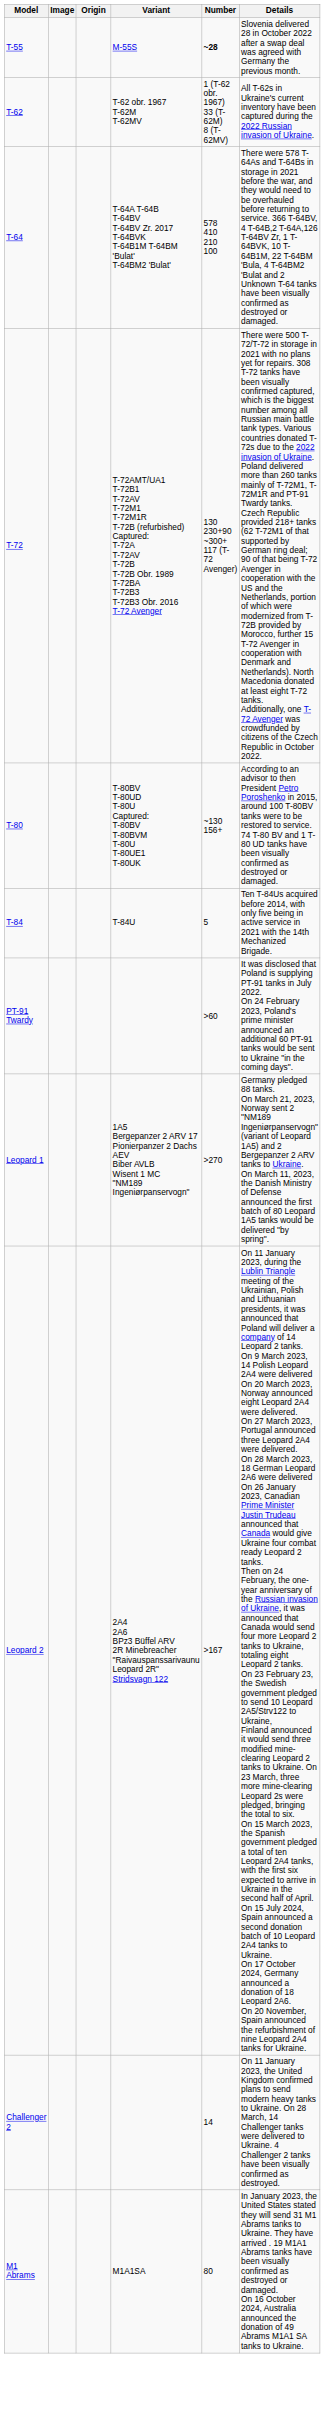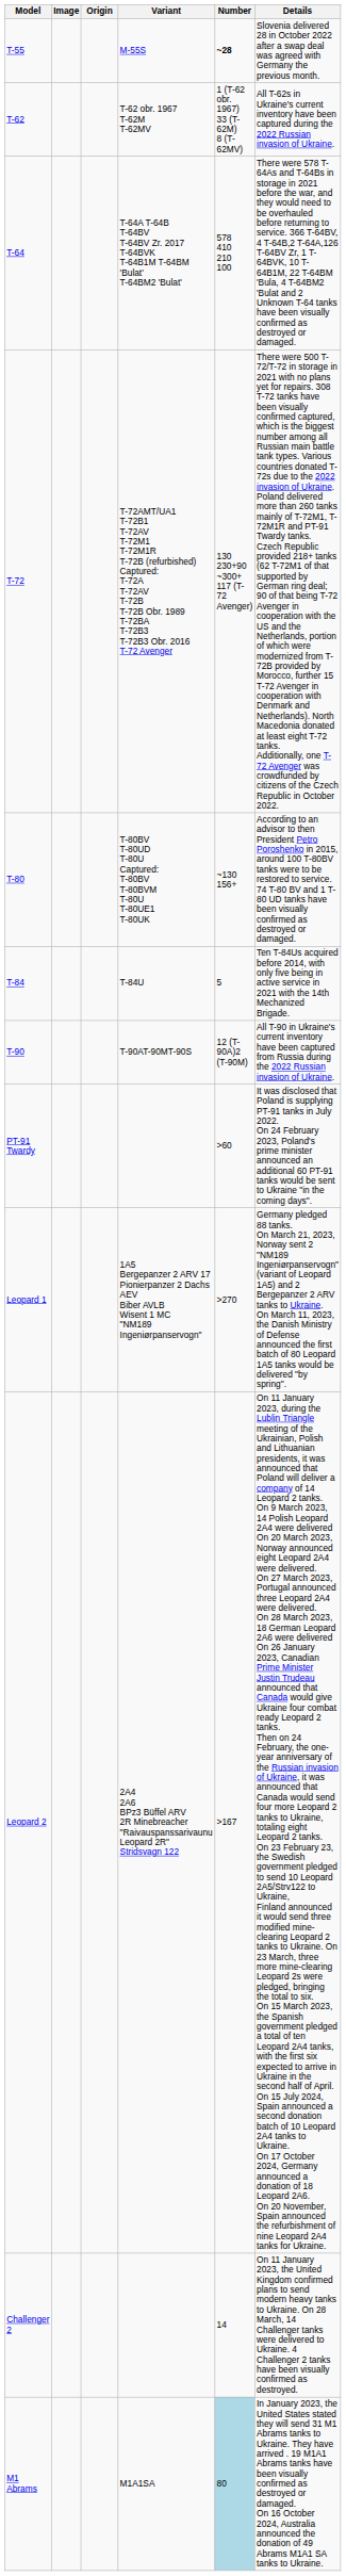 <table class="wikitable sortable">
 <tr>
 <th>Model</th>
 <th>Image</th>
 <th style="width:115px;">Origin</th>
 <th>Variant</th>
 <th>Number</th>
 <th>Details</th>
 </tr>
 <tr>
 <td><a href='#'>T-55</a></td>
 <td></td>
 <td><br></td>
 <td><a href='#'>M-55S</a></td>
 <td><strong>~28</strong></td>
 <td>Slovenia delivered 28 in October 2022 after a swap deal was agreed with Germany the previous month.</td>
 </tr>
 <tr>
 <td><a href='#'>T-62</a></td>
 <td></td>
 <td><br></td>
 <td>T-62 obr. 1967<br>T-62M<br>T-62MV</td>
 <td>1 (T-62 obr. 1967)<br>33 (T-62M)<br>8 (T-62MV)</td>
 <td>All T-62s in Ukraine's current inventory have been captured during the <a href='#'>2022 Russian invasion of Ukraine</a>.</td>
 </tr>
 <tr>
 <td><a href='#'>T-64</a></td>
 <td></td>
 <td><br></td>
 <td>T-64A T-64B<br>T-64BV<br>T-64BV Zr. 2017<br>T-64BVK<br>T-64B1M T-64BM 'Bulat'<br>T-64BM2 'Bulat'</td>
 <td>578<br>410<br>210<br>100</td>
 <td>There were 578 T-64As and T-64Bs in storage in 2021 before the war, and they would need to be overhauled before returning to service.  366 T-64BV, 4 T-64B,2 T-64A,126 T-64BV Zr, 1 T-64BVK, 10 T-64B1M, 22 T-64BM 'Bula, 4 T-64BM2 'Bulat and 2 Unknown T-64 tanks have been visually confirmed as destroyed or damaged.</td>
 </tr>
 <tr>
 <td><a href='#'>T-72</a></td>
 <td></td>
 <td><br><br><br><br><br><br><br><br><br><br></td>
 <td>T-72AMT/UA1<br>T-72B1<br>T-72AV<br>T-72M1<br>T-72M1R<br>T-72B (refurbished)<br>Captured:<br>T-72A<br>T-72AV<br>T-72B<br>T-72B Obr. 1989<br>T-72BA<br>T-72B3<br>T-72B3 Obr. 2016<br><a href='#'>T-72 Avenger</a></td>
 <td>130<br>230+90<br>~300+<br>117 (T-72 Avenger)</td>
 <td>There were 500 T-72/T-72 in storage in 2021 with no plans yet for repairs.  308 T-72 tanks have been visually confirmed captured, which is the biggest number among all Russian main battle tank types. Various countries donated T-72s due to the <a href='#'>2022 invasion of Ukraine</a>. Poland delivered more than 260 tanks mainly of T-72M1, T-72M1R and PT-91 Twardy tanks. Czech Republic provided 218+ tanks (62 T-72M1 of that supported by German ring deal; 90 of that being T-72 Avenger in cooperation with the US and the Netherlands, portion of which were modernized from T-72B provided by Morocco, further 15 T-72 Avenger in cooperation with Denmark and Netherlands). North Macedonia donated at least eight T-72 tanks.<br>Additionally, one <a href='#'>T-72 Avenger</a> was crowdfunded by citizens of the Czech Republic in October 2022.</td>
 </tr>
 <tr>
 <td><a href='#'>T-80</a></td>
 <td></td>
 <td><br><br></td>
 <td>T-80BV<br>T-80UD<br>T-80U<br>Captured:<br>T-80BV<br>T-80BVM<br>T-80U<br>T-80UE1<br>T-80UK</td>
 <td>~130<br>156+</td>
 <td>According to an advisor to then President <a href='#'>Petro Poroshenko</a> in 2015, around 100 T-80BV tanks were to be restored to service.  74 T-80 BV and 1 T-80 UD tanks have been visually confirmed as destroyed or damaged.</td>
 </tr>
 <tr>
 <td><a href='#'>T-84</a></td>
 <td></td>
 <td></td>
 <td>T-84U</td>
 <td>5</td>
 <td>Ten T-84Us acquired before 2014, with only five being in active service in 2021 with the 14th Mechanized Brigade.</td>
 </tr>
 <tr>
+<td><a href='#'>T-90</a></td>
+<td></td>
+<td></td>
+<td>T-90AT-90MT-90S</td>
+<td>12 (T-90A)2 (T-90M)</td>
+<td>All T-90 in Ukraine's current inventory have been captured from Russia during the <a href='#'>2022 Russian invasion of Ukraine</a>.</td>
+</tr>
+<tr>
 <td><a href='#'>PT-91 Twardy</a></td>
 <td></td>
 <td></td>
 <td></td>
 <td>>60</td>
 <td>It was disclosed that Poland is supplying PT-91 tanks in July 2022.<br>On 24 February 2023, Poland's prime minister announced an additional 60 PT-91 tanks would be sent to Ukraine "in the coming days".  </td>
 </tr>
 <tr>
 <td><a href='#'>Leopard 1</a></td>
 <td></td>
 <td><br><br><br><br></td>
 <td>1A5<br>Bergepanzer 2 ARV 17<br>Pionierpanzer 2 Dachs AEV<br>Biber AVLB<br>Wisent 1 MC<br>"NM189 Ingeniørpanservogn"</td>
 <td>>270</td>
 <td>Germany pledged 88 tanks.<br>On March 21, 2023, Norway sent 2 "NM189 Ingeniørpanservogn"(variant of Leopard 1A5) and 2 Bergepanzer 2 ARV tanks to <a href='#'>Ukraine</a>.<br>On March 11, 2023, the Danish Ministry of Defense announced the first batch of 80 Leopard 1A5 tanks would be delivered "by spring".</td>
 </tr>
 <tr>
 <td><a href='#'>Leopard 2</a></td>
 <td></td>
 <td><br><br><br><br><br><br><br><br><br><br></td>
 <td>2A4<br>2A6<br>BPz3 Büffel ARV<br>2R Minebreacher<br>"Raivauspanssarivaunu Leopard 2R"<br><a href='#'>Stridsvagn 122</a></td>
 <td>>167</td>
 <td>On 11 January 2023, during the <a href='#'>Lublin Triangle</a> meeting of the Ukrainian, Polish and Lithuanian presidents, it was announced that Poland will deliver a <a href='#'>company</a> of 14 Leopard 2 tanks.<br>On 9 March 2023, 14 Polish Leopard 2A4 were delivered<br>On 20 March 2023, Norway announced eight Leopard 2A4 were delivered.<br>On 27 March 2023, Portugal announced three Leopard 2A4 were delivered.<br>On 28 March 2023, 18 German Leopard 2A6 were delivered<br>On 26 January 2023, Canadian <a href='#'>Prime Minister</a> <a href='#'>Justin Trudeau</a> announced that <a href='#'>Canada</a> would give Ukraine four combat ready Leopard 2 tanks.<br>Then on 24 February, the one-year anniversary of the <a href='#'>Russian invasion of Ukraine</a>, it was announced that Canada would send four more Leopard 2 tanks to Ukraine, totaling eight Leopard 2 tanks.<br>On 23 February 23, the Swedish government pledged to send 10 Leopard 2A5/Strv122 to Ukraine,<br>Finland announced it would send three modified mine-clearing Leopard 2 tanks to Ukraine. On 23 March, three more mine-clearing Leopard 2s were pledged, bringing the total to six.<br>On 15 March 2023, the Spanish government pledged a total of ten Leopard 2A4 tanks, with the first six expected to arrive in Ukraine in the second half of April.<br>On 15 July 2024, Spain announced a second donation batch of 10 Leopard 2A4 tanks to Ukraine.<br>On 17 October 2024, Germany announced a donation of 18 Leopard 2A6.<br>On 20 November, Spain announced the refurbishment of nine Leopard 2A4 tanks for Ukraine.</td>
 </tr>
 <tr>
 <td><a href='#'>Challenger 2</a></td>
 <td></td>
 <td></td>
 <td></td>
 <td>14</td>
 <td>On 11 January 2023, the United Kingdom confirmed plans to send modern heavy tanks to Ukraine. On 28 March, 14 Challenger tanks were delivered to Ukraine.  4 Challenger 2 tanks have been visually confirmed as destroyed.</td>
 </tr>
 <tr>
 <td><a href='#'>M1 Abrams</a></td>
 <td></td>
 <td></td>
 <td>M1A1SA</td>
-<td>80</td>
+<td style="background: lightblue;">80</td>
 <td>In January 2023, the United States stated they will send 31 M1 Abrams tanks to Ukraine. They have arrived .  19 M1A1 Abrams tanks have been visually confirmed as destroyed or damaged.<br>On 16 October 2024, Australia announced the donation of 49 Abrams M1A1 SA tanks to Ukraine.</td>
 </tr>
 </table>
